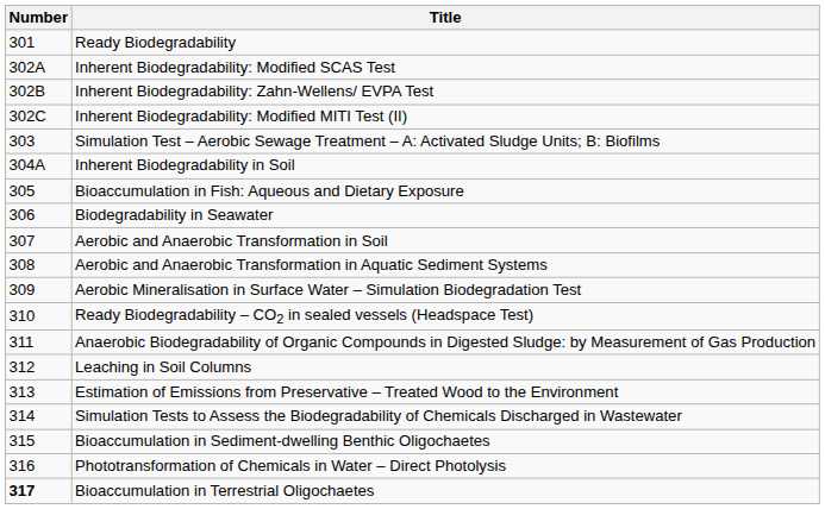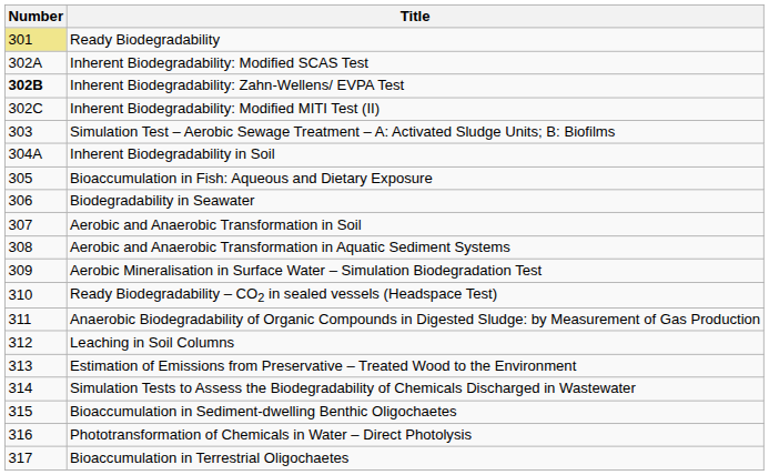 <table class="wikitable">
 <tr>
 <th>Number</th>
 <th>Title</th>
 </tr>
 <tr>
-<td>301</td>
+<td style="background: khaki;">301</td>
 <td>Ready Biodegradability</td>
 </tr>
 <tr>
 <td>302A</td>
 <td>Inherent Biodegradability: Modified SCAS Test</td>
 </tr>
 <tr>
-<td>302B</td>
+<td><strong>302B</strong></td>
 <td>Inherent Biodegradability: Zahn-Wellens/ EVPA Test</td>
 </tr>
 <tr>
 <td>302C</td>
 <td>Inherent Biodegradability: Modified MITI Test (II)</td>
 </tr>
 <tr>
 <td>303</td>
 <td>Simulation Test – Aerobic Sewage Treatment – A: Activated Sludge Units; B: Biofilms</td>
 </tr>
 <tr>
 <td>304A</td>
 <td>Inherent Biodegradability in Soil</td>
 </tr>
 <tr>
 <td>305</td>
 <td>Bioaccumulation in Fish: Aqueous and Dietary Exposure</td>
 </tr>
 <tr>
 <td>306</td>
 <td>Biodegradability in Seawater</td>
 </tr>
 <tr>
 <td>307</td>
 <td>Aerobic and Anaerobic Transformation in Soil</td>
 </tr>
 <tr>
 <td>308</td>
 <td>Aerobic and Anaerobic Transformation in Aquatic Sediment Systems</td>
 </tr>
 <tr>
 <td>309</td>
 <td>Aerobic Mineralisation in Surface Water – Simulation Biodegradation Test</td>
 </tr>
 <tr>
 <td>310</td>
 <td>Ready Biodegradability – CO<sub>2</sub> in sealed vessels (Headspace Test)</td>
 </tr>
 <tr>
 <td>311</td>
 <td>Anaerobic Biodegradability of Organic Compounds in Digested Sludge: by Measurement of Gas Production</td>
 </tr>
 <tr>
 <td>312</td>
 <td>Leaching in Soil Columns</td>
 </tr>
 <tr>
 <td>313</td>
 <td>Estimation of Emissions from Preservative – Treated Wood to the Environment</td>
 </tr>
 <tr>
 <td>314</td>
 <td>Simulation Tests to Assess the Biodegradability of Chemicals Discharged in Wastewater</td>
 </tr>
 <tr>
 <td>315</td>
 <td>Bioaccumulation in Sediment-dwelling Benthic Oligochaetes</td>
 </tr>
 <tr>
 <td>316</td>
 <td>Phototransformation of Chemicals in Water – Direct Photolysis</td>
 </tr>
 <tr>
-<td><strong>317</strong></td>
+<td>317</td>
 <td>Bioaccumulation in Terrestrial Oligochaetes</td>
 </tr>
 </table>
